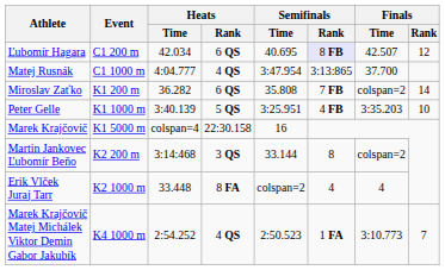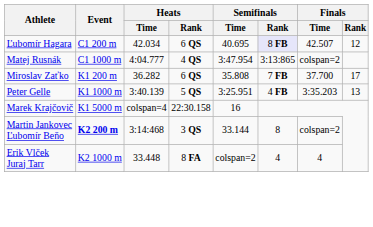 <table class="wikitable" style="font-size:90%">
 <tr>
 <th rowspan="2">Athlete</th>
 <th rowspan="2">Event</th>
 <th colspan=2>Heats</th>
 <th colspan=2>Semifinals</th>
 <th colspan=2>Finals</th>
 </tr>
 <tr style="font-size:95%">
 <th>Time</th>
 <th>Rank</th>
 <th>Time</th>
 <th>Rank</th>
 <th>Time</th>
 <th>Rank</th>
 </tr>
 <tr align=center>
 <td align=left><a href='#'>Ľubomír Hagara</a></td>
 <td align=left><a href='#'>C1 200 m</a></td>
 <td>42.034</td>
 <td>6 <strong>QS</strong></td>
 <td>40.695</td>
 <td style="background: lavender;">8 <strong>FB</strong></td>
 <td>42.507</td>
 <td>12</td>
 </tr>
 <tr align=center>
 <td align=left><a href='#'>Matej Rusnák</a></td>
 <td align=left><a href='#'>C1 1000 m</a></td>
 <td>4:04.777</td>
 <td>4 <strong>QS</strong></td>
 <td>3:47.954</td>
 <td>3:13:865</td>
-<td>37.700</td>
+<td>colspan=2 </td>
 </tr>
 <tr align=center>
 <td align=left><a href='#'>Miroslav Zaťko</a></td>
 <td align=left><a href='#'>K1 200 m</a></td>
 <td>36.282</td>
 <td>6 <strong>QS</strong></td>
 <td>35.808</td>
 <td>7 <strong>FB</strong></td>
-<td>colspan=2 </td>
-<td>14</td>
+<td>37.700</td>
+<td>17</td>
 </tr>
 <tr align=center>
 <td align=left><a href='#'>Peter Gelle</a></td>
 <td align=left><a href='#'>K1 1000 m</a></td>
 <td>3:40.139</td>
 <td>5 <strong>QS</strong></td>
 <td>3:25.951</td>
 <td>4 <strong>FB</strong></td>
 <td>3:35.203</td>
-<td>10</td>
+<td>13</td>
 </tr>
 <tr align=center>
 <td align=left><a href='#'>Marek Krajčovič</a></td>
 <td align=left><a href='#'>K1 5000 m</a></td>
 <td>colspan=4 </td>
 <td>22:30.158</td>
 <td>16</td>
 </tr>
 <tr align=center>
 <td align=left><a href='#'>Martin Jankovec</a> <br> <a href='#'>Ľubomír Beňo</a></td>
-<td align=left><a href='#'>K2 200 m</a></td>
+<td align=left><strong><a href='#'>K2 200 m</a></strong></td>
 <td>3:14:468</td>
 <td>3 <strong>QS</strong></td>
 <td>33.144</td>
 <td>8</td>
 <td>colspan=2 </td>
 </tr>
 <tr align=center>
 <td align=left><a href='#'>Erik Vlček</a> <br> <a href='#'>Juraj Tarr</a></td>
 <td align=left><a href='#'>K2 1000 m</a></td>
 <td>33.448</td>
 <td>8 <strong>FA</strong></td>
 <td>colspan=2 </td>
 <td>4</td>
 <td>4</td>
 </tr>
-<tr align=center>
-<td align=left><a href='#'>Marek Krajčovič</a> <br> <a href='#'>Matej Michálek</a> <br> <a href='#'>Viktor Demin</a> <br> <a href='#'>Gabor Jakubík</a></td>
-<td align=left><a href='#'>K4 1000 m</a></td>
-<td>2:54.252</td>
-<td>4 <strong>QS</strong></td>
-<td>2:50.523</td>
-<td>1 <strong>FA</strong></td>
-<td>3:10.773</td>
-<td>7</td>
-</tr>
 </table>
